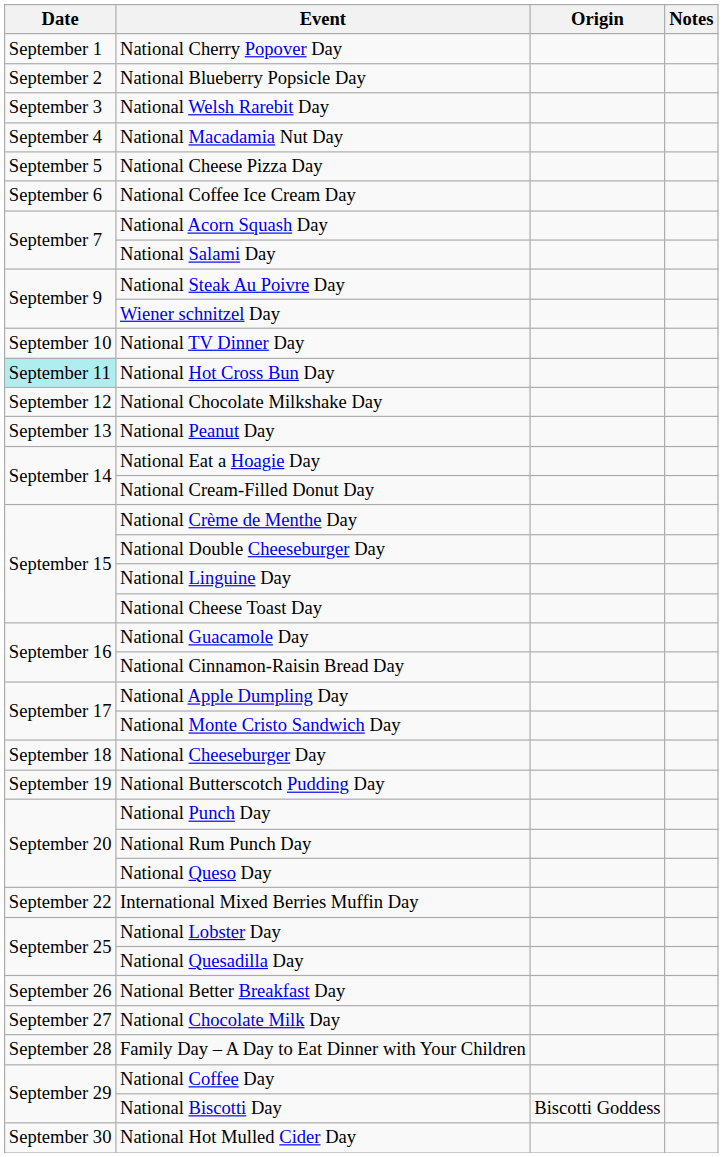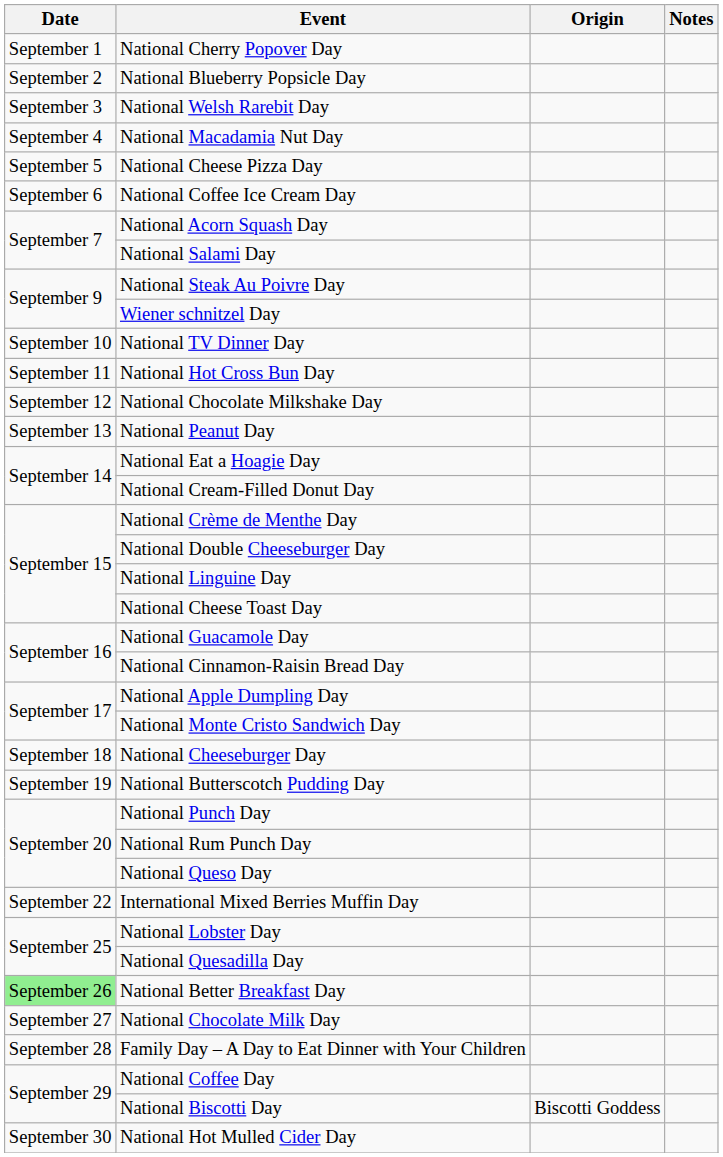 <table class="wikitable sortable">
 <tr>
 <th>Date</th>
 <th>Event</th>
 <th>Origin</th>
 <th>Notes</th>
 </tr>
 <tr>
 <td>September 1</td>
 <td>National Cherry <a href='#'>Popover</a> Day</td>
 <td></td>
 <td></td>
 </tr>
 <tr>
 <td>September 2</td>
 <td>National Blueberry Popsicle Day</td>
 <td></td>
 <td></td>
 </tr>
 <tr>
 <td>September 3</td>
 <td>National <a href='#'>Welsh Rarebit</a> Day</td>
 <td></td>
 <td></td>
 </tr>
 <tr>
 <td>September 4</td>
 <td>National <a href='#'>Macadamia</a> Nut Day</td>
 <td></td>
 <td></td>
 </tr>
 <tr>
 <td>September 5</td>
 <td>National Cheese Pizza Day</td>
 <td></td>
 <td></td>
 </tr>
 <tr>
 <td>September 6</td>
 <td>National Coffee Ice Cream Day</td>
 <td></td>
 <td></td>
 </tr>
 <tr>
 <td rowspan="2">September 7</td>
 <td>National <a href='#'>Acorn Squash</a> Day</td>
 <td></td>
 <td></td>
 </tr>
 <tr>
 <td>National <a href='#'>Salami</a> Day</td>
 <td></td>
 <td></td>
 </tr>
 <tr>
 <td rowspan="2">September 9</td>
 <td>National <a href='#'>Steak Au Poivre</a> Day</td>
 <td></td>
 <td></td>
 </tr>
 <tr>
 <td><a href='#'>Wiener schnitzel</a> Day</td>
 <td></td>
 <td></td>
 </tr>
 <tr>
 <td>September 10</td>
 <td>National <a href='#'>TV Dinner</a> Day</td>
 <td></td>
 <td></td>
 </tr>
 <tr>
-<td style="background: paleturquoise;">September 11</td>
+<td>September 11</td>
 <td>National <a href='#'>Hot Cross Bun</a> Day</td>
 <td></td>
 <td></td>
 </tr>
 <tr>
 <td>September 12</td>
 <td>National Chocolate Milkshake Day</td>
 <td></td>
 <td></td>
 </tr>
 <tr>
 <td>September 13</td>
 <td>National <a href='#'>Peanut</a> Day</td>
 <td></td>
 <td></td>
 </tr>
 <tr>
 <td rowspan="2">September 14</td>
 <td>National Eat a <a href='#'>Hoagie</a> Day</td>
 <td></td>
 <td></td>
 </tr>
 <tr>
 <td>National Cream-Filled Donut Day</td>
 <td></td>
 <td></td>
 </tr>
 <tr>
 <td rowspan="4">September 15</td>
 <td>National <a href='#'>Crème de Menthe</a> Day</td>
 <td></td>
 <td></td>
 </tr>
 <tr>
 <td>National Double <a href='#'>Cheeseburger</a> Day</td>
 <td></td>
 <td></td>
 </tr>
 <tr>
 <td>National <a href='#'>Linguine</a> Day</td>
 <td></td>
 <td></td>
 </tr>
 <tr>
 <td>National Cheese Toast Day</td>
 <td></td>
 <td></td>
 </tr>
 <tr>
 <td rowspan="2">September 16</td>
 <td>National <a href='#'>Guacamole</a> Day</td>
 <td></td>
 <td></td>
 </tr>
 <tr>
 <td>National Cinnamon-Raisin Bread Day</td>
 <td></td>
 <td></td>
 </tr>
 <tr>
 <td rowspan="2">September 17</td>
 <td>National <a href='#'>Apple Dumpling</a> Day</td>
 <td></td>
 <td></td>
 </tr>
 <tr>
 <td>National <a href='#'>Monte Cristo Sandwich</a> Day</td>
 <td></td>
 <td></td>
 </tr>
 <tr>
 <td>September 18</td>
 <td>National <a href='#'>Cheeseburger</a> Day</td>
 <td></td>
 <td></td>
 </tr>
 <tr>
 <td>September 19</td>
 <td>National Butterscotch <a href='#'>Pudding</a> Day</td>
 <td></td>
 <td></td>
 </tr>
 <tr>
 <td rowspan="3">September 20</td>
 <td>National <a href='#'>Punch</a> Day</td>
 <td></td>
 <td></td>
 </tr>
 <tr>
 <td>National Rum Punch Day</td>
 <td></td>
 <td></td>
 </tr>
 <tr>
 <td>National <a href='#'>Queso</a> Day</td>
 <td></td>
 <td></td>
 </tr>
 <tr>
 <td>September 22</td>
 <td>International Mixed Berries Muffin Day</td>
 <td></td>
 <td></td>
 </tr>
 <tr>
 <td rowspan="2">September 25</td>
 <td>National <a href='#'>Lobster</a> Day</td>
 <td></td>
 <td></td>
 </tr>
 <tr>
 <td>National <a href='#'>Quesadilla</a> Day</td>
 <td></td>
 <td></td>
 </tr>
 <tr>
-<td>September 26</td>
+<td style="background: lightgreen;">September 26</td>
 <td>National Better <a href='#'>Breakfast</a> Day</td>
 <td></td>
 <td></td>
 </tr>
 <tr>
 <td>September 27</td>
 <td>National <a href='#'>Chocolate Milk</a> Day</td>
 <td></td>
 <td></td>
 </tr>
 <tr>
 <td>September 28</td>
 <td>Family Day – A Day to Eat Dinner with Your Children</td>
 <td></td>
 <td></td>
 </tr>
 <tr>
 <td rowspan="2">September 29</td>
 <td>National <a href='#'>Coffee</a> Day</td>
 <td></td>
 <td></td>
 </tr>
 <tr>
 <td>National <a href='#'>Biscotti</a> Day</td>
 <td>Biscotti Goddess</td>
 <td></td>
 </tr>
 <tr>
 <td>September 30</td>
 <td>National Hot Mulled <a href='#'>Cider</a> Day</td>
 <td></td>
 <td></td>
 </tr>
 </table>
